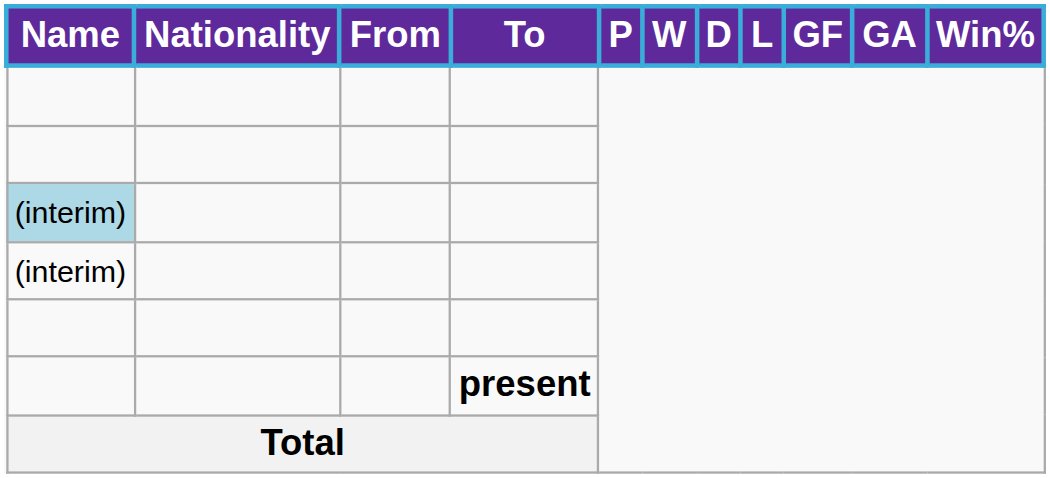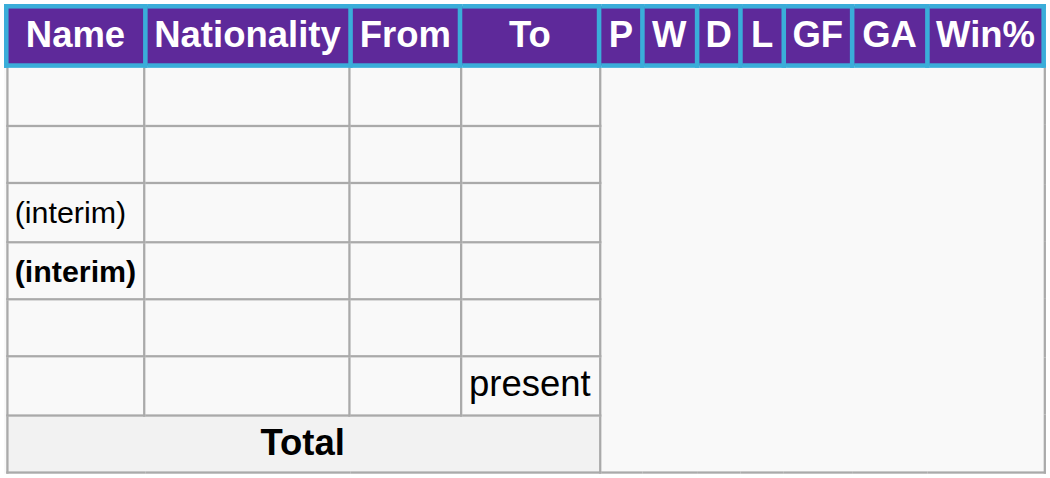 <table class="wikitable plainrowheaders sortable">
 <tr>
 <th style="background:#5E299A; color:#FFFFFF; border:2px solid #3aadd9;" scope="col" class="unsortable">Name</th>
 <th style="background:#5E299A; color:#FFFFFF; border:2px solid #3aadd9;" scope="col" class="unsortable">Nationality</th>
 <th style="background:#5E299A; color:#FFFFFF; border:2px solid #3aadd9;" scope="col" class="unsortable">From</th>
 <th style="background:#5E299A; color:#FFFFFF; border:2px solid #3aadd9;" scope="col" class="unsortable">To</th>
 <th style="background-color:#5E299A; color:#FFFFFF; border:2px solid #3aadd9;" scope="col">P</th>
 <th style="background-color:#5E299A; color:#FFFFFF; border:2px solid #3aadd9;" scope="col">W</th>
 <th style="background-color:#5E299A; color:#FFFFFF; border:2px solid #3aadd9;" scope="col">D</th>
 <th style="background-color:#5E299A; color:#FFFFFF; border:2px solid #3aadd9;" scope="col">L</th>
 <th style="background-color:#5E299A; color:#FFFFFF; border:2px solid #3aadd9;" scope="col">GF</th>
 <th style="background-color:#5E299A; color:#FFFFFF; border:2px solid #3aadd9;" scope="col">GA</th>
 <th style="background-color:#5E299A; color:#FFFFFF; border:2px solid #3aadd9;" scope="col">Win%</th>
 </tr>
 <tr>
 <td></td>
 <td></td>
 <td style="text-align:center;"></td>
 <td style="text-align:center;"><br></td>
 </tr>
 <tr>
 <td></td>
 <td></td>
 <td style="text-align:center;"></td>
 <td style="text-align:center;"><br></td>
 </tr>
 <tr>
-<td style="background: lightblue;"> <small>(interim)</small></td>
+<td> <small>(interim)</small></td>
 <td></td>
 <td style="text-align:center;"></td>
 <td style="text-align:center;"><br></td>
 </tr>
 <tr>
-<td> <small>(interim)</small></td>
+<td><strong> <small>(interim)</small></strong></td>
 <td></td>
 <td style="text-align:center;"></td>
 <td style="text-align:center;"><br></td>
 </tr>
 <tr>
 <td></td>
 <td></td>
 <td style="text-align:center;"></td>
 <td style="text-align:center;"><br></td>
 </tr>
 <tr>
 <td></td>
 <td></td>
 <td style="text-align:center;"></td>
-<td style="text-align:center;"><strong>present<br></strong></td>
+<td style="text-align:center;">present<br></td>
 </tr>
 <tr>
 <th colspan="4">Total<br></th>
 </tr>
 </table>
